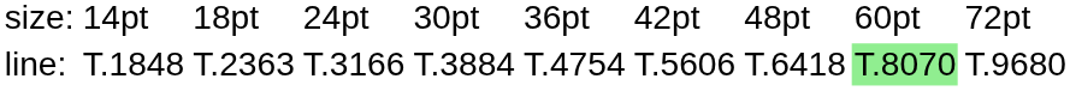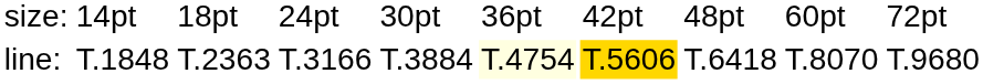 <table style="margin-left:40px;">
 <tr>
 <td>size:</td>
 <td>14pt</td>
 <td>18pt</td>
 <td>24pt</td>
 <td>30pt</td>
 <td>36pt</td>
 <td>42pt</td>
 <td>48pt</td>
 <td>60pt</td>
 <td>72pt</td>
 </tr>
 <tr>
 <td>line:</td>
 <td>T.1848</td>
 <td>T.2363</td>
 <td>T.3166</td>
 <td>T.3884</td>
-<td>T.4754</td>
-<td>T.5606</td>
+<td style="background: lightyellow;">T.4754</td>
+<td style="background: gold;">T.5606</td>
 <td>T.6418</td>
-<td style="background: lightgreen;">T.8070</td>
+<td>T.8070</td>
 <td>T.9680</td>
 </tr>
 </table>
